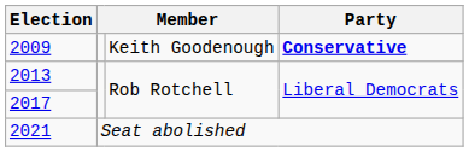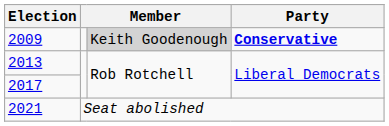 <table class="wikitable">
 <tr>
 <th>Election</th>
 <th colspan="2">Member</th>
 <th>Party</th>
 </tr>
 <tr>
 <td><a href='#'>2009</a></td>
 <td rowspan="1" style="background-color: "></td>
-<td rowspan="1">Keith Goodenough</td>
+<td rowspan="1" style="background: lightgrey;">Keith Goodenough</td>
 <td rowspan="1"><strong><a href='#'>Conservative</a></strong></td>
 </tr>
 <tr>
 <td><a href='#'>2013</a></td>
 <td rowspan="2" style="background-color: "></td>
 <td rowspan="2">Rob Rotchell</td>
 <td rowspan="2"><a href='#'>Liberal Democrats</a></td>
 </tr>
 <tr>
 <td><a href='#'>2017</a></td>
 </tr>
 <tr>
 <td><a href='#'>2021</a></td>
 <td colspan="3"><em>Seat abolished</em></td>
 </tr>
 </table>
